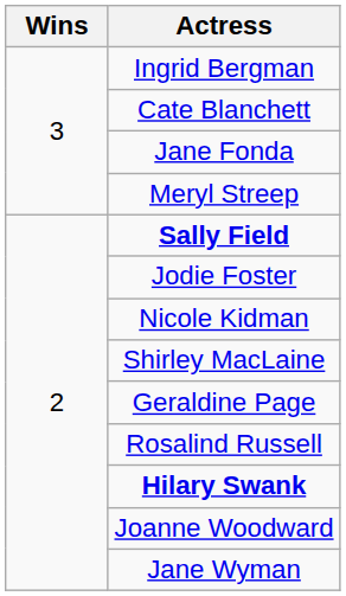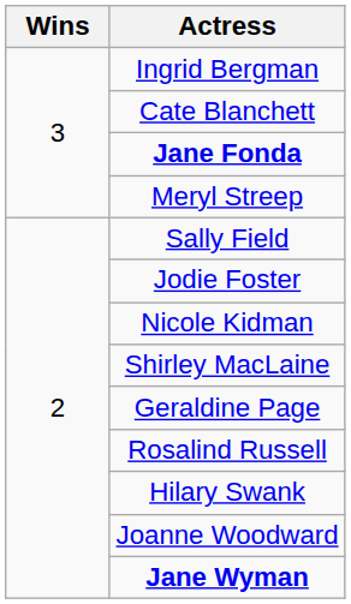 <table class="wikitable" style="text-align:center;">
 <tr>
 <th scope="col" width="55">Wins</th>
 <th scope="col" align="center">Actress</th>
 </tr>
 <tr>
 <td rowspan=4 style="text-align:center;">3</td>
 <td><a href='#'>Ingrid Bergman</a></td>
 </tr>
 <tr>
 <td><a href='#'>Cate Blanchett</a></td>
 </tr>
 <tr>
-<td><a href='#'>Jane Fonda</a></td>
+<td><strong><a href='#'>Jane Fonda</a></strong></td>
 </tr>
 <tr>
 <td><a href='#'>Meryl Streep</a></td>
 </tr>
 <tr>
 <td rowspan=9 style="text-align:center;">2</td>
-<td><strong><a href='#'>Sally Field</a></strong></td>
+<td><a href='#'>Sally Field</a></td>
 </tr>
 <tr>
 <td><a href='#'>Jodie Foster</a></td>
 </tr>
 <tr>
 <td><a href='#'>Nicole Kidman</a></td>
 </tr>
 <tr>
 <td><a href='#'>Shirley MacLaine</a></td>
 </tr>
 <tr>
 <td><a href='#'>Geraldine Page</a></td>
 </tr>
 <tr>
 <td><a href='#'>Rosalind Russell</a></td>
 </tr>
 <tr>
-<td><strong><a href='#'>Hilary Swank</a></strong></td>
+<td><a href='#'>Hilary Swank</a></td>
 </tr>
 <tr>
 <td><a href='#'>Joanne Woodward</a></td>
 </tr>
 <tr>
-<td><a href='#'>Jane Wyman</a></td>
+<td><strong><a href='#'>Jane Wyman</a></strong></td>
 </tr>
 </table>
